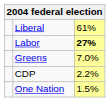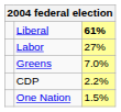 <table class="wikitable">
 <tr>
 <th colspan="3">2004 federal election</th>
 </tr>
 <tr>
 <td> </td>
 <td><a href='#'>Liberal</a></td>
-<td bgcolor="FFFF99">61%</td>
+<td bgcolor="FFFF99"><strong>61%</strong></td>
 </tr>
 <tr>
 <td> </td>
 <td><a href='#'>Labor</a></td>
-<td bgcolor="FFFF99"><strong>27%</strong></td>
+<td bgcolor="FFFF99">27%</td>
 </tr>
 <tr>
 <td> </td>
 <td><a href='#'>Greens</a></td>
 <td bgcolor="FFFF99">7.0%</td>
 </tr>
 <tr>
 <td> </td>
 <td>CDP</td>
 <td bgcolor="FFFF99">2.2%</td>
 </tr>
 <tr>
 <td> </td>
 <td><a href='#'>One Nation</a></td>
 <td bgcolor="FFFF99">1.5%</td>
 </tr>
 </table>
